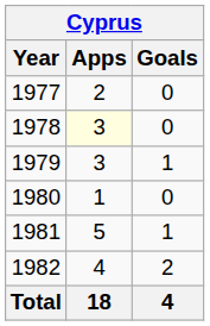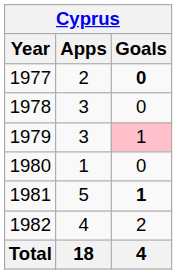 <table class="wikitable" style="text-align:center">
 <tr>
 <th colspan=3><a href='#'>Cyprus</a></th>
 </tr>
 <tr>
 <th>Year</th>
 <th>Apps</th>
 <th>Goals</th>
 </tr>
 <tr>
 <td>1977</td>
 <td>2</td>
-<td>0</td>
+<td><strong>0</strong></td>
 </tr>
 <tr>
 <td>1978</td>
-<td style="background: lightyellow;">3</td>
+<td>3</td>
 <td>0</td>
 </tr>
 <tr>
 <td>1979</td>
 <td>3</td>
-<td>1</td>
+<td style="background: pink;">1</td>
 </tr>
 <tr>
 <td>1980</td>
 <td>1</td>
 <td>0</td>
 </tr>
 <tr>
 <td>1981</td>
 <td>5</td>
-<td>1</td>
+<td><strong>1</strong></td>
 </tr>
 <tr>
 <td>1982</td>
 <td>4</td>
 <td>2</td>
 </tr>
 <tr>
 <th>Total</th>
 <th>18</th>
 <th>4</th>
 </tr>
 </table>
